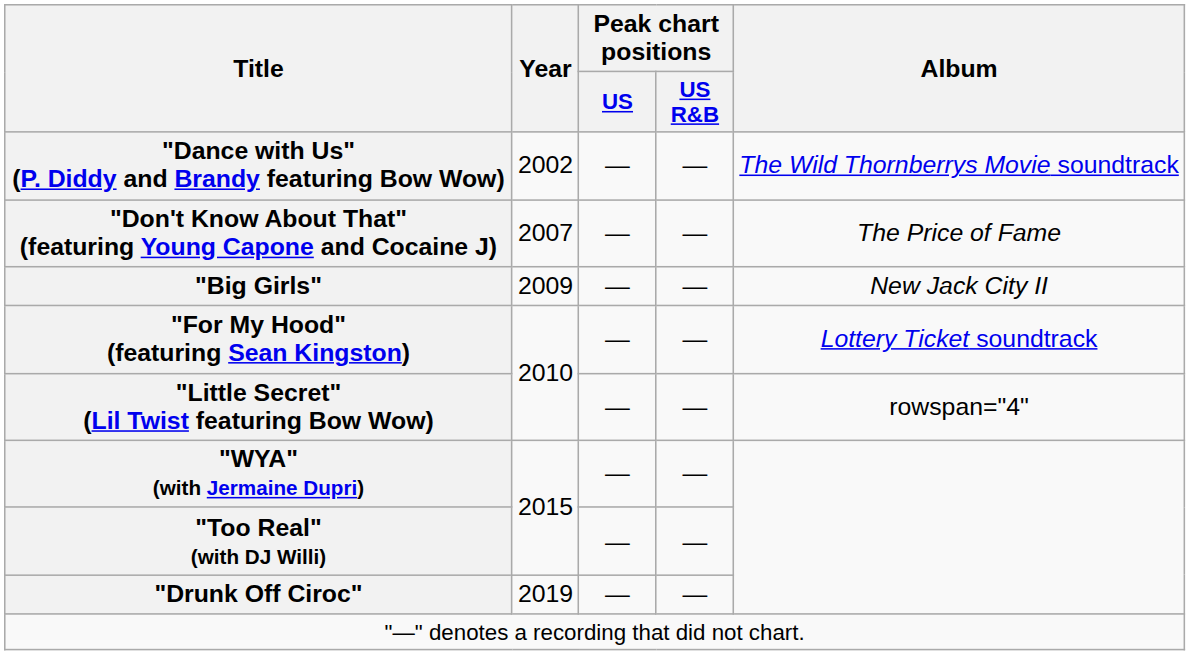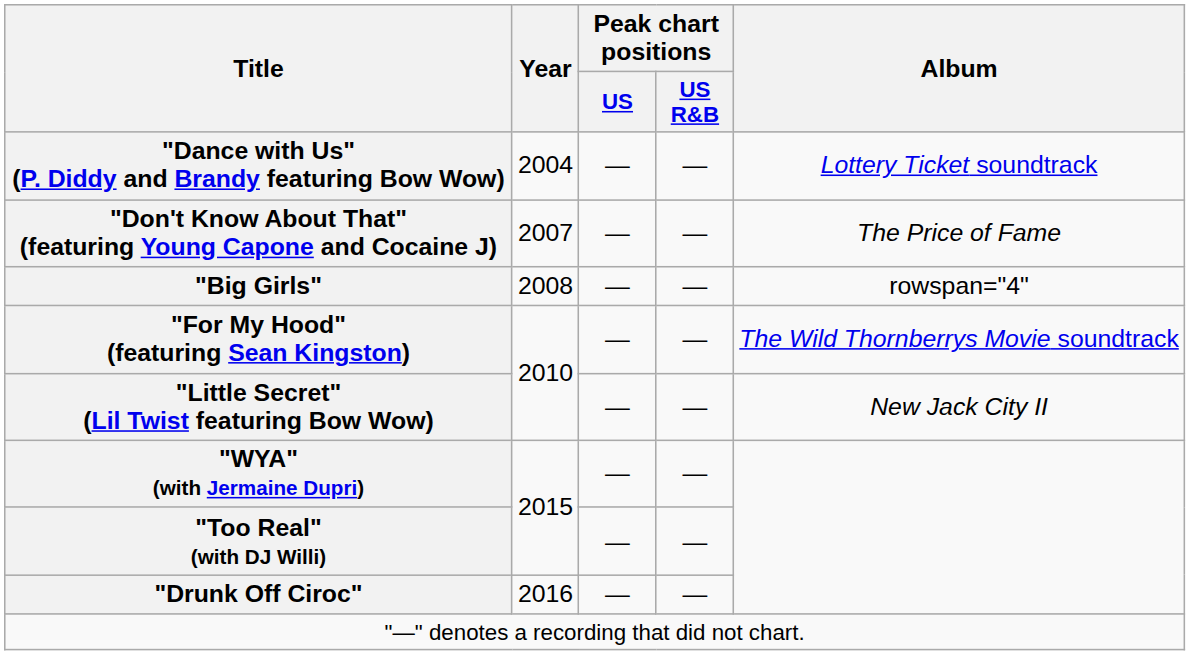 <table class="wikitable plainrowheaders" style="text-align:center;">
 <tr>
 <th scope="col" rowspan="2" style="width:20em;">Title</th>
 <th scope="col" rowspan="2">Year</th>
 <th scope="col" colspan="2">Peak chart positions</th>
 <th scope="col" rowspan="2">Album</th>
 </tr>
 <tr>
 <th style="width:3em; font-size:90%"><a href='#'>US</a><br></th>
 <th style="width:3em; font-size:90%"><a href='#'>US R&B</a><br></th>
 </tr>
 <tr>
 <th scope="row">"Dance with Us"<br><span>(<a href='#'>P. Diddy</a> and <a href='#'>Brandy</a> featuring Bow Wow)</span></th>
-<td>2002</td>
+<td>2004</td>
 <td>—</td>
 <td>—</td>
-<td><a href='#'><em>The Wild Thornberrys Movie</em> soundtrack</a></td>
+<td><a href='#'><em>Lottery Ticket</em> soundtrack</a></td>
 </tr>
 <tr>
 <th scope="row">"Don't Know About That"<br><span>(featuring <a href='#'>Young Capone</a> and Cocaine J)</span></th>
 <td>2007</td>
 <td>—</td>
 <td>—</td>
 <td><em>The Price of Fame</em></td>
 </tr>
 <tr>
 <th scope="row">"Big Girls"</th>
-<td>2009</td>
+<td>2008</td>
 <td>—</td>
 <td>—</td>
-<td><em>New Jack City II</em></td>
+<td>rowspan="4" </td>
 </tr>
 <tr>
 <th scope="row">"For My Hood"<br><span>(featuring <a href='#'>Sean Kingston</a>)</span></th>
 <td rowspan="2">2010</td>
 <td>—</td>
 <td>—</td>
-<td><a href='#'><em>Lottery Ticket</em> soundtrack</a></td>
+<td><a href='#'><em>The Wild Thornberrys Movie</em> soundtrack</a></td>
 </tr>
 <tr>
 <th scope="row">"Little Secret"<br><span>(<a href='#'>Lil Twist</a> featuring Bow Wow)</span></th>
 <td>—</td>
 <td>—</td>
-<td>rowspan="4" </td>
+<td><em>New Jack City II</em></td>
 </tr>
 <tr>
 <th scope="row">"WYA"<br><small>(with <a href='#'>Jermaine Dupri</a>)</small></th>
 <td rowspan="2">2015</td>
 <td>—</td>
 <td>—</td>
 </tr>
 <tr>
 <th scope="row">"Too Real"<br><small>(with DJ Willi)</small></th>
 <td>—</td>
 <td>—</td>
 </tr>
 <tr>
 <th scope="row">"Drunk Off Ciroc"</th>
-<td>2019</td>
+<td>2016</td>
 <td>—</td>
 <td>—</td>
 </tr>
 <tr>
 <td colspan="14" style="font-size:90%">"—" denotes a recording that did not chart.</td>
 </tr>
 </table>
